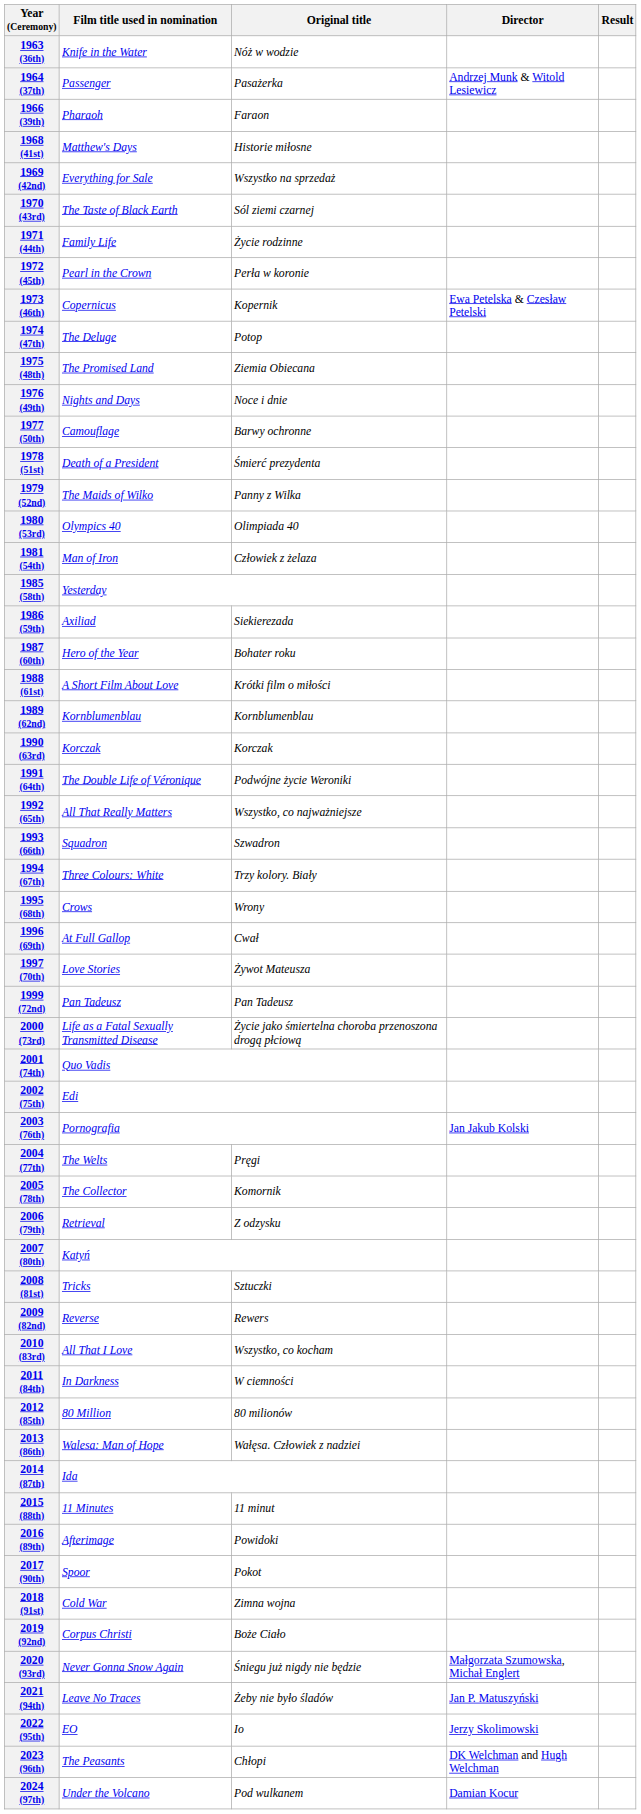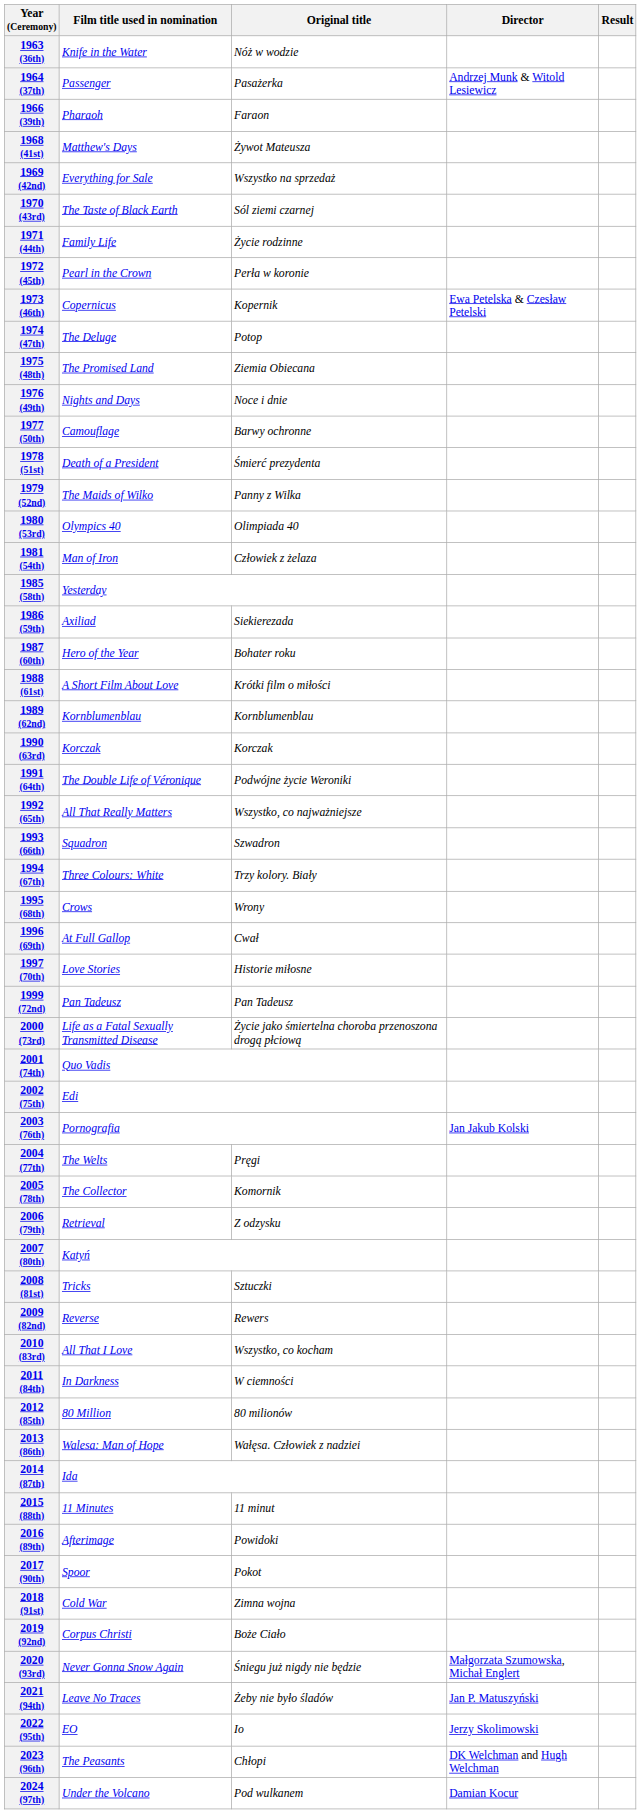 <table class="wikitable" width="98%" style="background:#ffffff;">
 <tr>
 <th>Year<br><small>(Ceremony)</small></th>
 <th>Film title used in nomination</th>
 <th>Original title</th>
 <th>Director</th>
 <th>Result</th>
 </tr>
 <tr>
 <th align="center"><a href='#'>1963</a><br><small><a href='#'>(36th)</a></small></th>
 <td><em><a href='#'>Knife in the Water</a></em></td>
 <td><em>Nóż w wodzie</em></td>
 <td></td>
 <td></td>
 </tr>
 <tr>
 <th align="center"><a href='#'>1964</a><br><small><a href='#'>(37th)</a></small></th>
 <td><em><a href='#'>Passenger</a></em></td>
 <td><em>Pasażerka</em></td>
 <td><a href='#'>Andrzej Munk</a> & <a href='#'>Witold Lesiewicz</a></td>
 <td></td>
 </tr>
 <tr>
 <th align="center"><a href='#'>1966</a><br><small><a href='#'>(39th)</a></small></th>
 <td><em><a href='#'>Pharaoh</a></em></td>
 <td><em>Faraon</em></td>
 <td></td>
 <td></td>
 </tr>
 <tr>
 <th align="center"><a href='#'>1968</a><br><small><a href='#'>(41st)</a></small></th>
 <td><em><a href='#'>Matthew's Days</a></em></td>
-<td><em>Historie miłosne</em></td>
+<td><em>Żywot Mateusza</em></td>
 <td></td>
 <td></td>
 </tr>
 <tr>
 <th align="center"><a href='#'>1969</a><br><small><a href='#'>(42nd)</a></small></th>
 <td><em><a href='#'>Everything for Sale</a></em></td>
 <td><em>Wszystko na sprzedaż</em></td>
 <td></td>
 <td></td>
 </tr>
 <tr>
 <th align="center"><a href='#'>1970</a><br><small><a href='#'>(43rd)</a></small></th>
 <td><em><a href='#'>The Taste of Black Earth</a></em></td>
 <td><em>Sól ziemi czarnej</em></td>
 <td></td>
 <td></td>
 </tr>
 <tr>
 <th align="center"><a href='#'>1971</a><br><small><a href='#'>(44th)</a></small></th>
 <td><em><a href='#'>Family Life</a></em></td>
 <td><em>Życie rodzinne</em></td>
 <td></td>
 <td></td>
 </tr>
 <tr>
 <th align="center"><a href='#'>1972</a><br><small><a href='#'>(45th)</a></small></th>
 <td><em><a href='#'>Pearl in the Crown</a></em></td>
 <td><em>Perła w koronie</em></td>
 <td></td>
 <td></td>
 </tr>
 <tr>
 <th align="center"><a href='#'>1973</a><br><small><a href='#'>(46th)</a></small></th>
 <td><em><a href='#'>Copernicus</a></em></td>
 <td><em>Kopernik</em></td>
 <td><a href='#'>Ewa Petelska</a> & <a href='#'>Czesław Petelski</a></td>
 <td></td>
 </tr>
 <tr>
 <th align="center"><a href='#'>1974</a><br><small><a href='#'>(47th)</a></small></th>
 <td><em><a href='#'>The Deluge</a></em></td>
 <td><em>Potop</em></td>
 <td></td>
 <td></td>
 </tr>
 <tr>
 <th align="center"><a href='#'>1975</a><br><small><a href='#'>(48th)</a></small></th>
 <td><em><a href='#'>The Promised Land</a></em></td>
 <td><em>Ziemia Obiecana</em></td>
 <td></td>
 <td></td>
 </tr>
 <tr>
 <th align="center"><a href='#'>1976</a><br><small><a href='#'>(49th)</a></small></th>
 <td><em><a href='#'>Nights and Days</a></em></td>
 <td><em>Noce i dnie</em></td>
 <td></td>
 <td></td>
 </tr>
 <tr>
 <th align="center"><a href='#'>1977</a><br><small><a href='#'>(50th)</a></small></th>
 <td><em><a href='#'>Camouflage</a></em></td>
 <td><em>Barwy ochronne</em></td>
 <td></td>
 <td></td>
 </tr>
 <tr>
 <th align="center"><a href='#'>1978</a><br><small><a href='#'>(51st)</a></small></th>
 <td><em><a href='#'>Death of a President</a></em></td>
 <td><em>Śmierć prezydenta</em></td>
 <td></td>
 <td></td>
 </tr>
 <tr>
 <th align="center"><a href='#'>1979</a><br><small><a href='#'>(52nd)</a></small></th>
 <td><em><a href='#'>The Maids of Wilko</a></em></td>
 <td><em>Panny z Wilka</em></td>
 <td></td>
 <td></td>
 </tr>
 <tr>
 <th align="center"><a href='#'>1980</a><br><small><a href='#'>(53rd)</a></small></th>
 <td><em><a href='#'>Olympics 40</a></em></td>
 <td><em>Olimpiada 40</em></td>
 <td></td>
 <td></td>
 </tr>
 <tr>
 <th align="center"><a href='#'>1981</a><br><small><a href='#'>(54th)</a></small></th>
 <td><em><a href='#'>Man of Iron</a></em></td>
 <td><em>Człowiek z żelaza</em></td>
 <td></td>
 <td></td>
 </tr>
 <tr>
 <th align="center"><a href='#'>1985</a><br><small><a href='#'>(58th)</a></small></th>
 <td colspan="2"><em><a href='#'>Yesterday</a></em></td>
 <td></td>
 <td></td>
 </tr>
 <tr>
 <th align="center"><a href='#'>1986</a><br><small><a href='#'>(59th)</a></small></th>
 <td><em><a href='#'>Axiliad</a></em></td>
 <td><em>Siekierezada</em></td>
 <td></td>
 <td></td>
 </tr>
 <tr>
 <th align="center"><a href='#'>1987</a><br><small><a href='#'>(60th)</a></small></th>
 <td><em><a href='#'>Hero of the Year</a></em></td>
 <td><em>Bohater roku</em></td>
 <td></td>
 <td></td>
 </tr>
 <tr>
 <th align="center"><a href='#'>1988</a><br><small><a href='#'>(61st)</a></small></th>
 <td><em><a href='#'>A Short Film About Love</a></em></td>
 <td><em>Krótki film o miłości</em></td>
 <td></td>
 <td></td>
 </tr>
 <tr>
 <th align="center"><a href='#'>1989</a><br><small><a href='#'>(62nd)</a></small></th>
 <td><em><a href='#'>Kornblumenblau</a></em></td>
 <td><em>Kornblumenblau</em></td>
 <td></td>
 <td></td>
 </tr>
 <tr>
 <th align="center"><a href='#'>1990</a><br><small><a href='#'>(63rd)</a></small></th>
 <td><em><a href='#'>Korczak</a></em></td>
 <td><em>Korczak</em></td>
 <td></td>
 <td></td>
 </tr>
 <tr>
 <th align="center"><a href='#'>1991</a><br><small><a href='#'>(64th)</a></small></th>
 <td><em><a href='#'>The Double Life of Véronique</a></em></td>
 <td><em>Podwójne życie Weroniki</em></td>
 <td></td>
 <td></td>
 </tr>
 <tr>
 <th align="center"><a href='#'>1992</a><br><small><a href='#'>(65th)</a></small></th>
 <td><em><a href='#'>All That Really Matters</a></em></td>
 <td><em>Wszystko, co najważniejsze</em></td>
 <td></td>
 <td></td>
 </tr>
 <tr>
 <th align="center"><a href='#'>1993</a><br><small><a href='#'>(66th)</a></small></th>
 <td><em><a href='#'>Squadron</a></em></td>
 <td><em>Szwadron</em></td>
 <td></td>
 <td></td>
 </tr>
 <tr>
 <th align="center"><a href='#'>1994</a><br><small><a href='#'>(67th)</a></small></th>
 <td><em><a href='#'>Three Colours: White</a></em></td>
 <td><em>Trzy kolory. Biały</em></td>
 <td></td>
 <td></td>
 </tr>
 <tr>
 <th align="center"><a href='#'>1995</a><br><small><a href='#'>(68th)</a></small></th>
 <td><em><a href='#'>Crows</a></em></td>
 <td><em>Wrony</em></td>
 <td></td>
 <td></td>
 </tr>
 <tr>
 <th align="center"><a href='#'>1996</a><br><small><a href='#'>(69th)</a></small></th>
 <td><em><a href='#'>At Full Gallop</a></em></td>
 <td><em>Cwał</em></td>
 <td></td>
 <td></td>
 </tr>
 <tr>
 <th align="center"><a href='#'>1997</a><br><small><a href='#'>(70th)</a></small></th>
 <td><em><a href='#'>Love Stories</a></em></td>
-<td><em>Żywot Mateusza</em></td>
+<td><em>Historie miłosne</em></td>
 <td></td>
 <td></td>
 </tr>
 <tr>
 <th align="center"><a href='#'>1999</a><br><small><a href='#'>(72nd)</a></small></th>
 <td><em><a href='#'>Pan Tadeusz</a></em></td>
 <td><em>Pan Tadeusz</em></td>
 <td></td>
 <td></td>
 </tr>
 <tr>
 <th align="center"><a href='#'>2000</a><br><small><a href='#'>(73rd)</a></small></th>
 <td><em><a href='#'>Life as a Fatal Sexually Transmitted Disease</a></em></td>
 <td><em>Życie jako śmiertelna choroba przenoszona drogą płciową</em></td>
 <td></td>
 <td></td>
 </tr>
 <tr>
 <th align="center"><a href='#'>2001</a><br><small><a href='#'>(74th)</a></small></th>
 <td colspan="2"><em><a href='#'>Quo Vadis</a></em></td>
 <td></td>
 <td></td>
 </tr>
 <tr>
 <th align="center"><a href='#'>2002</a><br><small><a href='#'>(75th)</a></small></th>
 <td colspan="2"><em><a href='#'>Edi</a></em></td>
 <td></td>
 <td></td>
 </tr>
 <tr>
 <th align="center"><a href='#'>2003</a><br><small><a href='#'>(76th)</a></small></th>
 <td colspan="2"><em><a href='#'>Pornografia</a></em></td>
 <td><a href='#'>Jan Jakub Kolski</a></td>
 <td></td>
 </tr>
 <tr>
 <th align="center"><a href='#'>2004</a><br><small><a href='#'>(77th)</a></small></th>
 <td><em><a href='#'>The Welts</a></em></td>
 <td><em>Pręgi</em></td>
 <td></td>
 <td></td>
 </tr>
 <tr>
 <th align="center"><a href='#'>2005</a><br><small><a href='#'>(78th)</a></small></th>
 <td><em><a href='#'>The Collector</a></em></td>
 <td><em>Komornik</em></td>
 <td></td>
 <td></td>
 </tr>
 <tr>
 <th align="center"><a href='#'>2006</a><br><small><a href='#'>(79th)</a></small></th>
 <td><em><a href='#'>Retrieval</a></em></td>
 <td><em>Z odzysku</em></td>
 <td></td>
 <td></td>
 </tr>
 <tr>
 <th align="center"><a href='#'>2007</a><br><small><a href='#'>(80th)</a></small></th>
 <td colspan="2"><em><a href='#'>Katyń</a></em></td>
 <td></td>
 <td></td>
 </tr>
 <tr>
 <th align="center"><a href='#'>2008</a><br><small><a href='#'>(81st)</a></small></th>
 <td><em><a href='#'>Tricks</a></em></td>
 <td><em>Sztuczki</em></td>
 <td></td>
 <td></td>
 </tr>
 <tr>
 <th align="center"><a href='#'>2009</a><br><small><a href='#'>(82nd)</a></small></th>
 <td><em><a href='#'>Reverse</a></em></td>
 <td><em>Rewers</em></td>
 <td></td>
 <td></td>
 </tr>
 <tr>
 <th align="center"><a href='#'>2010</a><br><small><a href='#'>(83rd)</a></small></th>
 <td><em><a href='#'>All That I Love</a></em></td>
 <td><em>Wszystko, co kocham</em></td>
 <td></td>
 <td></td>
 </tr>
 <tr>
 <th align="center"><a href='#'>2011</a><br><small><a href='#'>(84th)</a></small></th>
 <td><em><a href='#'>In Darkness</a></em></td>
 <td><em>W ciemności</em></td>
 <td></td>
 <td></td>
 </tr>
 <tr>
 <th align="center"><a href='#'>2012</a><br><small><a href='#'>(85th)</a></small></th>
 <td><em><a href='#'>80 Million</a></em></td>
 <td><em>80 milionów</em></td>
 <td></td>
 <td></td>
 </tr>
 <tr>
 <th align="center"><a href='#'>2013</a><br><small><a href='#'>(86th)</a></small></th>
 <td><em><a href='#'>Walesa: Man of Hope</a></em></td>
 <td><em>Wałęsa. Człowiek z nadziei</em></td>
 <td></td>
 <td></td>
 </tr>
 <tr>
 <th align="center"><a href='#'>2014</a><br><small><a href='#'>(87th)</a></small></th>
 <td colspan="2"><em><a href='#'>Ida</a></em></td>
 <td></td>
 <td></td>
 </tr>
 <tr>
 <th align="center"><a href='#'>2015</a><br><small><a href='#'>(88th)</a></small></th>
 <td><em><a href='#'>11 Minutes</a></em></td>
 <td><em>11 minut</em></td>
 <td></td>
 <td></td>
 </tr>
 <tr>
 <th align="center"><a href='#'>2016</a><br><small><a href='#'>(89th)</a></small></th>
 <td><em><a href='#'>Afterimage</a></em></td>
 <td><em>Powidoki</em></td>
 <td></td>
 <td></td>
 </tr>
 <tr>
 <th align="center"><a href='#'>2017</a><br><small><a href='#'>(90th)</a></small></th>
 <td><em><a href='#'>Spoor</a></em></td>
 <td><em>Pokot</em></td>
 <td></td>
 <td></td>
 </tr>
 <tr>
 <th align="center"><a href='#'>2018</a><br><small><a href='#'>(91st)</a></small></th>
 <td><em><a href='#'>Cold War</a></em></td>
 <td><em>Zimna wojna</em></td>
 <td></td>
 <td></td>
 </tr>
 <tr>
 <th align="center"><a href='#'>2019</a><br><small><a href='#'>(92nd)</a></small></th>
 <td><em><a href='#'>Corpus Christi</a></em></td>
 <td><em>Boże Ciało</em></td>
 <td></td>
 <td></td>
 </tr>
 <tr>
 <th align="center"><a href='#'>2020</a><br><small><a href='#'>(93rd)</a></small></th>
 <td><em><a href='#'>Never Gonna Snow Again</a></em></td>
 <td><em>Śniegu już nigdy nie będzie</em></td>
 <td><a href='#'>Małgorzata Szumowska</a>, <a href='#'>Michał Englert</a></td>
 <td></td>
 </tr>
 <tr>
 <th align="center"><a href='#'>2021</a><br><small><a href='#'>(94th)</a></small></th>
 <td><em><a href='#'>Leave No Traces</a></em></td>
 <td><em>Żeby nie było śladów</em></td>
 <td><a href='#'>Jan P. Matuszyński</a></td>
 <td></td>
 </tr>
 <tr>
 <th align="center"><a href='#'>2022</a><br><small><a href='#'>(95th)</a></small></th>
 <td><em><a href='#'>EO</a></em></td>
 <td><em>Io</em></td>
 <td><a href='#'>Jerzy Skolimowski</a></td>
 <td></td>
 </tr>
 <tr>
 <th align="center"><a href='#'>2023</a><br><small><a href='#'>(96th)</a></small></th>
 <td data-sort-value="Peasants, The"><em><a href='#'>The Peasants</a></em></td>
 <td><em>Chłopi</em></td>
 <td data-sort-value="Welchman, DK"><a href='#'>DK Welchman</a> and <a href='#'>Hugh Welchman</a></td>
 <td></td>
 </tr>
 <tr>
 <th><a href='#'>2024</a><br><small><a href='#'>(97th)</a></small></th>
 <td><em><a href='#'>Under the Volcano</a></em></td>
 <td><em>Pod wulkanem</em></td>
 <td><a href='#'>Damian Kocur</a></td>
 <td></td>
 </tr>
 </table>
